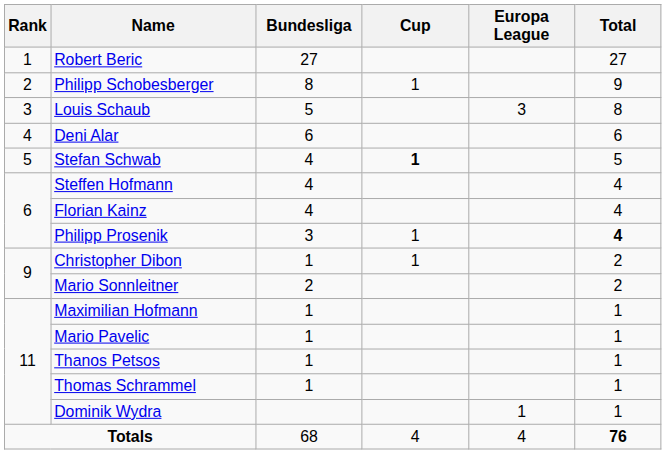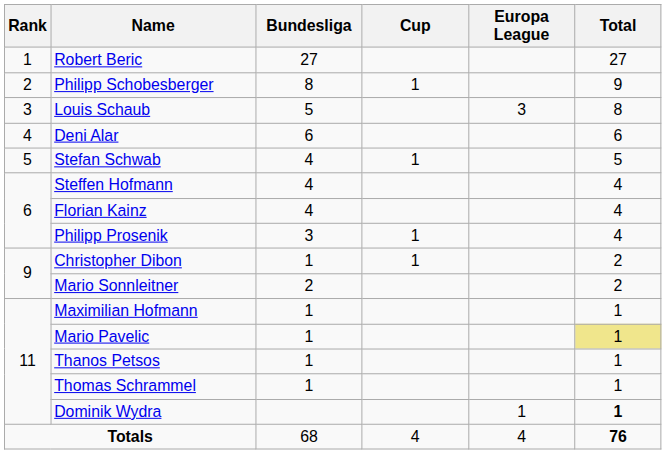 <table class="wikitable" style="text-align: center;">
 <tr>
 <th>Rank</th>
 <th width=200>Name</th>
 <th width=100>Bundesliga</th>
 <th width=100>Cup</th>
 <th width=100>Europa League</th>
 <th width=80><strong>Total</strong></th>
 </tr>
 <tr>
 <td>1</td>
 <td align="left"> <a href='#'>Robert Beric</a></td>
 <td>27</td>
 <td></td>
 <td></td>
 <td>27</td>
 </tr>
 <tr>
 <td>2</td>
 <td align="left"> <a href='#'>Philipp Schobesberger</a></td>
 <td>8</td>
 <td>1</td>
 <td></td>
 <td>9</td>
 </tr>
 <tr>
 <td>3</td>
 <td align="left"> <a href='#'>Louis Schaub</a></td>
 <td>5</td>
 <td></td>
 <td>3</td>
 <td>8</td>
 </tr>
 <tr>
 <td>4</td>
 <td align="left"> <a href='#'>Deni Alar</a></td>
 <td>6</td>
 <td></td>
 <td></td>
 <td>6</td>
 </tr>
 <tr>
 <td>5</td>
 <td align="left"> <a href='#'>Stefan Schwab</a></td>
 <td>4</td>
-<td><strong>1</strong></td>
+<td>1</td>
 <td></td>
 <td>5</td>
 </tr>
 <tr>
 <td rowspan="3">6</td>
 <td align="left"> <a href='#'>Steffen Hofmann</a></td>
 <td>4</td>
 <td></td>
 <td></td>
 <td>4</td>
 </tr>
 <tr>
 <td align="left"> <a href='#'>Florian Kainz</a></td>
 <td>4</td>
 <td></td>
 <td></td>
 <td>4</td>
 </tr>
 <tr>
 <td align="left"> <a href='#'>Philipp Prosenik</a></td>
 <td>3</td>
 <td>1</td>
 <td></td>
-<td><strong>4</strong></td>
+<td>4</td>
 </tr>
 <tr>
 <td rowspan="2">9</td>
 <td align="left"> <a href='#'>Christopher Dibon</a></td>
 <td>1</td>
 <td>1</td>
 <td></td>
 <td>2</td>
 </tr>
 <tr>
 <td align="left"> <a href='#'>Mario Sonnleitner</a></td>
 <td>2</td>
 <td></td>
 <td></td>
 <td>2</td>
 </tr>
 <tr>
 <td rowspan="5">11</td>
 <td align="left"> <a href='#'>Maximilian Hofmann</a></td>
 <td>1</td>
 <td></td>
 <td></td>
 <td>1</td>
 </tr>
 <tr>
 <td align="left"> <a href='#'>Mario Pavelic</a></td>
 <td>1</td>
 <td></td>
 <td></td>
-<td>1</td>
+<td style="background: khaki;">1</td>
 </tr>
 <tr>
 <td align="left"> <a href='#'>Thanos Petsos</a></td>
 <td>1</td>
 <td></td>
 <td></td>
 <td>1</td>
 </tr>
 <tr>
 <td align="left"> <a href='#'>Thomas Schrammel</a></td>
 <td>1</td>
 <td></td>
 <td></td>
 <td>1</td>
 </tr>
 <tr>
 <td align="left"> <a href='#'>Dominik Wydra</a></td>
 <td></td>
 <td></td>
 <td>1</td>
-<td>1</td>
+<td><strong>1</strong></td>
 </tr>
 <tr>
 <td colspan="2"><strong>Totals</strong></td>
 <td>68</td>
 <td>4</td>
 <td>4</td>
 <td><strong>76</strong></td>
 </tr>
 </table>
